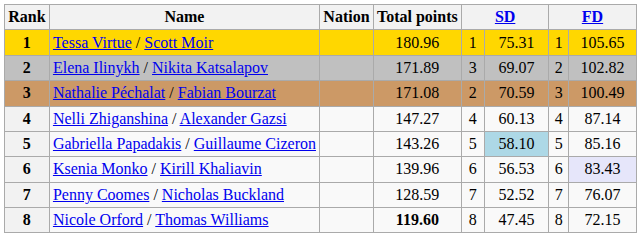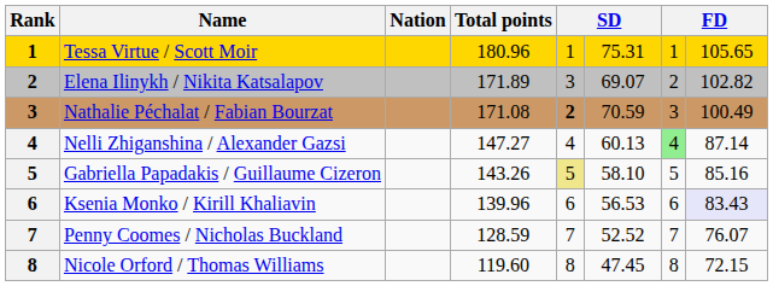 <table class="wikitable sortable">
 <tr>
 <th>Rank</th>
 <th>Name</th>
 <th>Nation</th>
 <th>Total points</th>
 <th colspan="2" width="80px"><a href='#'>SD</a></th>
 <th colspan="2" width="80px"><a href='#'>FD</a></th>
 </tr>
 <tr bgcolor="gold">
 <td align="center"><strong>1</strong></td>
 <td><a href='#'>Tessa Virtue</a> / <a href='#'>Scott Moir</a></td>
 <td></td>
 <td align="center">180.96</td>
 <td align="center">1</td>
 <td align="center">75.31</td>
 <td align="center">1</td>
 <td align="center">105.65</td>
 </tr>
 <tr bgcolor="silver">
 <td align="center"><strong>2</strong></td>
 <td><a href='#'>Elena Ilinykh</a> / <a href='#'>Nikita Katsalapov</a></td>
 <td></td>
 <td align="center">171.89</td>
 <td align="center">3</td>
 <td align="center">69.07</td>
 <td align="center">2</td>
 <td align="center">102.82</td>
 </tr>
 <tr bgcolor="cc9966">
 <td align="center"><strong>3</strong></td>
 <td><a href='#'>Nathalie Péchalat</a> / <a href='#'>Fabian Bourzat</a></td>
 <td></td>
 <td align="center">171.08</td>
-<td align="center">2</td>
+<td align="center"><strong>2</strong></td>
 <td align="center">70.59</td>
 <td align="center">3</td>
 <td align="center">100.49</td>
 </tr>
 <tr>
 <th>4</th>
 <td><a href='#'>Nelli Zhiganshina</a> / <a href='#'>Alexander Gazsi</a></td>
 <td></td>
 <td align="center">147.27</td>
 <td align="center">4</td>
 <td align="center">60.13</td>
-<td align="center">4</td>
+<td align="center" style="background: lightgreen;">4</td>
 <td align="center">87.14</td>
 </tr>
 <tr>
 <th>5</th>
 <td><a href='#'>Gabriella Papadakis</a> / <a href='#'>Guillaume Cizeron</a></td>
 <td></td>
 <td align="center">143.26</td>
-<td align="center">5</td>
-<td align="center" style="background: lightblue;">58.10</td>
+<td align="center" style="background: khaki;">5</td>
+<td align="center">58.10</td>
 <td align="center">5</td>
 <td align="center">85.16</td>
 </tr>
 <tr>
 <th>6</th>
 <td><a href='#'>Ksenia Monko</a> / <a href='#'>Kirill Khaliavin</a></td>
 <td></td>
 <td align="center">139.96</td>
 <td align="center">6</td>
 <td align="center">56.53</td>
 <td align="center">6</td>
 <td align="center" style="background: lavender;">83.43</td>
 </tr>
 <tr>
 <th>7</th>
 <td><a href='#'>Penny Coomes</a> / <a href='#'>Nicholas Buckland</a></td>
 <td></td>
 <td align="center">128.59</td>
 <td align="center">7</td>
 <td align="center">52.52</td>
 <td align="center">7</td>
 <td align="center">76.07</td>
 </tr>
 <tr>
 <th>8</th>
 <td><a href='#'>Nicole Orford</a> / <a href='#'>Thomas Williams</a></td>
 <td></td>
-<td align="center"><strong>119.60</strong></td>
+<td align="center">119.60</td>
 <td align="center">8</td>
 <td align="center">47.45</td>
 <td align="center">8</td>
 <td align="center">72.15</td>
 </tr>
 </table>
